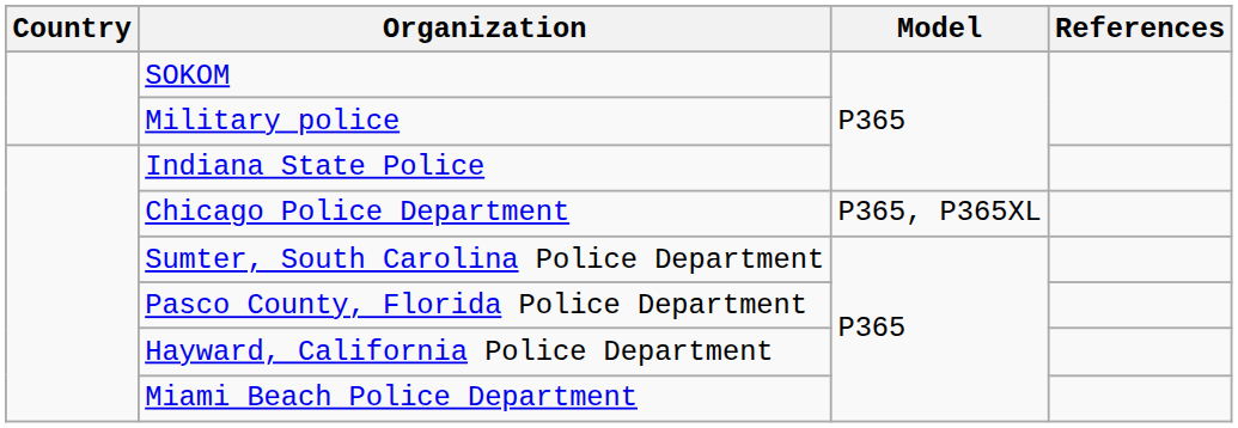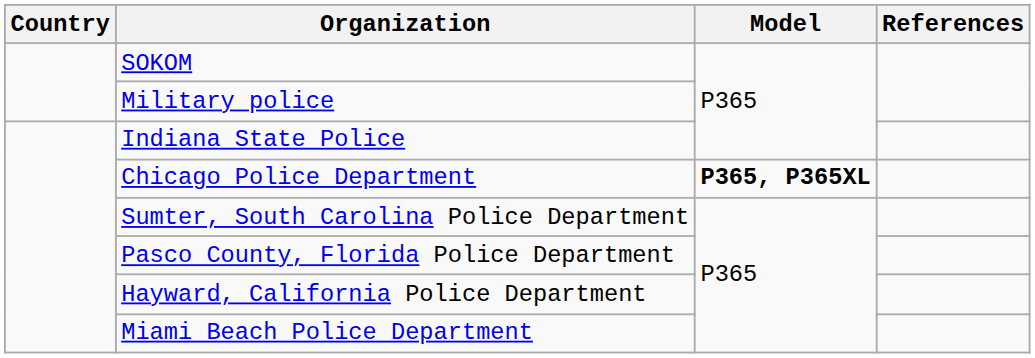 <table class="wikitable">
 <tr>
 <th>Country</th>
 <th>Organization</th>
 <th>Model</th>
 <th>References</th>
 </tr>
 <tr>
 <td rowspan="2"></td>
 <td><a href='#'>SOKOM</a></td>
 <td rowspan="3">P365</td>
 <td rowspan="2"></td>
 </tr>
 <tr>
 <td><a href='#'>Military police</a></td>
 </tr>
 <tr>
 <td rowspan="6"></td>
 <td><a href='#'>Indiana State Police</a></td>
 <td></td>
 </tr>
 <tr>
 <td><a href='#'>Chicago Police Department</a></td>
-<td>P365, P365XL</td>
+<td><strong>P365, P365XL</strong></td>
 <td></td>
 </tr>
 <tr>
 <td><a href='#'>Sumter, South Carolina</a> Police Department</td>
 <td rowspan="4">P365</td>
 <td></td>
 </tr>
 <tr>
 <td><a href='#'>Pasco County, Florida</a> Police Department</td>
 <td></td>
 </tr>
 <tr>
 <td><a href='#'>Hayward, California</a> Police Department</td>
 <td></td>
 </tr>
 <tr>
 <td><a href='#'>Miami Beach Police Department</a></td>
 <td></td>
 </tr>
 </table>
